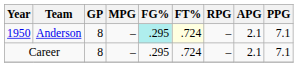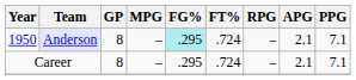 <table class="wikitable sortable" style="font-size:95%; text-align:right;">
 <tr>
 <th>Year</th>
 <th>Team</th>
 <th>GP</th>
 <th>MPG</th>
 <th>FG%</th>
 <th>FT%</th>
 <th>RPG</th>
 <th>APG</th>
 <th>PPG</th>
 </tr>
 <tr>
 <td style="text-align:left;"><a href='#'>1950</a></td>
-<td style="text-align:left;"><a href='#'>Anderson</a></td>
+<td style="background: lavender; text-align:left;"><a href='#'>Anderson</a></td>
 <td>8</td>
 <td>–</td>
 <td style="background: paleturquoise;">.295</td>
-<td style="background: lightyellow;">.724</td>
+<td>.724</td>
 <td>–</td>
 <td>2.1</td>
 <td>7.1</td>
 </tr>
 <tr>
 <td style="text-align:center;" colspan="2">Career</td>
 <td>8</td>
 <td>–</td>
 <td>.295</td>
 <td>.724</td>
 <td>–</td>
 <td>2.1</td>
 <td>7.1</td>
 </tr>
 <tr>
 </tr>
 </table>
